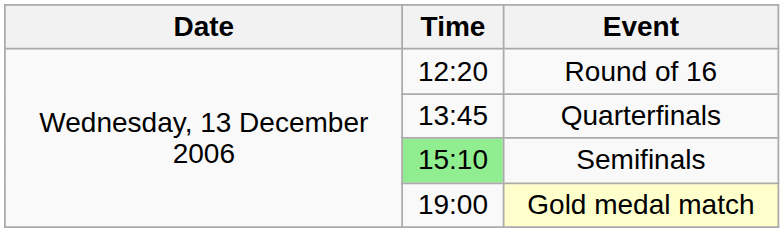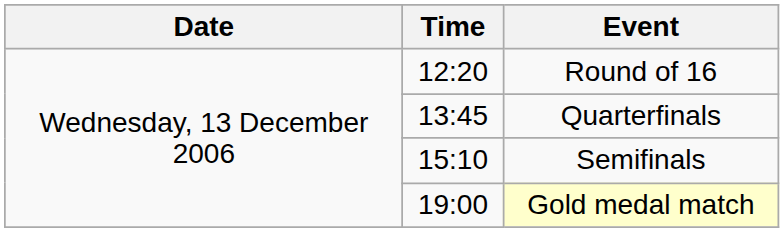 <table class = "wikitable" style="text-align:center;">
 <tr>
 <th width=220>Date</th>
 <th width=50>Time</th>
 <th width=150>Event</th>
 </tr>
 <tr>
 <td rowspan=4>Wednesday, 13 December 2006</td>
 <td>12:20</td>
 <td>Round of 16</td>
 </tr>
 <tr>
 <td>13:45</td>
 <td>Quarterfinals</td>
 </tr>
 <tr>
-<td style="background: lightgreen;">15:10</td>
+<td>15:10</td>
 <td>Semifinals</td>
 </tr>
 <tr>
 <td>19:00</td>
 <td bgcolor=ffffcc>Gold medal match</td>
 </tr>
 </table>
